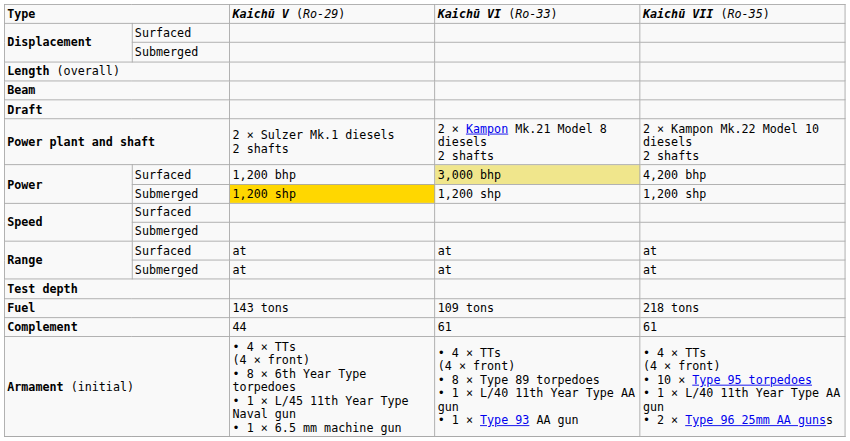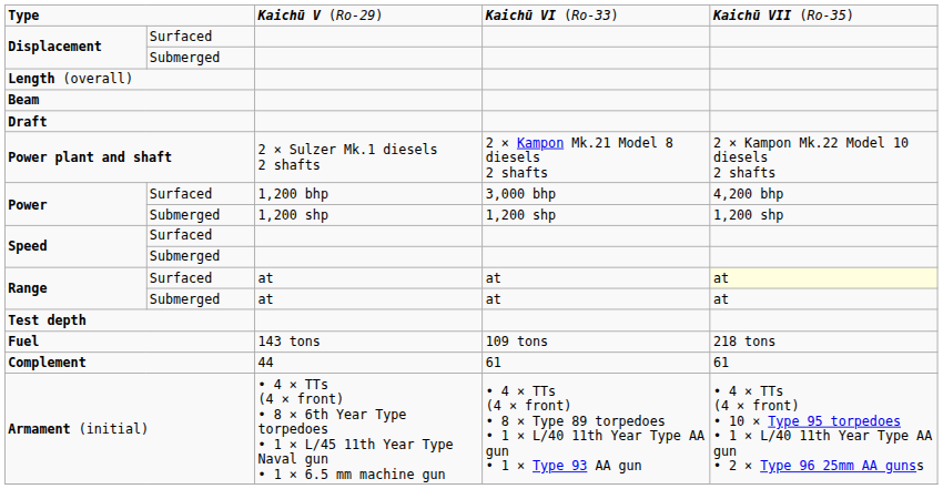 <table class="wikitable" width="74%">
 <tr>
 <td width="15%" colspan="2"><strong>Type</strong></td>
 <td width="16%"><strong><em>Kaichū V</em></strong> (<em>Ro-29</em>)</td>
 <td width="16%"><strong><em>Kaichū VI</em></strong> (<em>Ro-33</em>)</td>
 <td width="16%"><strong><em>Kaichū VII</em></strong> (<em>Ro-35</em>)</td>
 </tr>
 <tr>
 <td rowspan="2"><strong>Displacement</strong></td>
 <td>Surfaced</td>
 <td></td>
 <td></td>
 <td></td>
 </tr>
 <tr>
 <td>Submerged</td>
 <td></td>
 <td></td>
 <td></td>
 </tr>
 <tr>
 <td colspan="2"><strong>Length</strong> (overall)</td>
 <td></td>
 <td></td>
 <td></td>
 </tr>
 <tr>
 <td colspan="2"><strong>Beam</strong></td>
 <td></td>
 <td></td>
 <td></td>
 </tr>
 <tr>
 <td colspan="2"><strong>Draft</strong></td>
 <td></td>
 <td></td>
 <td></td>
 </tr>
 <tr>
 <td colspan="2"><strong>Power plant and shaft</strong></td>
 <td>2 × Sulzer Mk.1 diesels<br>2 shafts</td>
 <td>2 × <a href='#'>Kampon</a> Mk.21 Model 8 diesels<br>2 shafts</td>
 <td>2 × Kampon Mk.22 Model 10 diesels<br>2 shafts</td>
 </tr>
 <tr>
 <td rowspan="2"><strong>Power</strong></td>
 <td>Surfaced</td>
 <td>1,200 bhp</td>
-<td style="background: khaki;">3,000 bhp</td>
+<td>3,000 bhp</td>
 <td>4,200 bhp</td>
 </tr>
 <tr>
 <td>Submerged</td>
-<td style="background: gold;">1,200 shp</td>
+<td>1,200 shp</td>
 <td>1,200 shp</td>
 <td>1,200 shp</td>
 </tr>
 <tr>
 <td rowspan="2"><strong>Speed</strong></td>
 <td>Surfaced</td>
 <td></td>
 <td></td>
 <td></td>
 </tr>
 <tr>
 <td>Submerged</td>
 <td></td>
 <td></td>
 <td></td>
 </tr>
 <tr>
 <td rowspan="2"><strong>Range</strong></td>
 <td>Surfaced</td>
 <td> at </td>
 <td> at </td>
-<td> at </td>
+<td style="background: lightyellow;"> at </td>
 </tr>
 <tr>
 <td>Submerged</td>
 <td> at </td>
 <td> at </td>
 <td> at </td>
 </tr>
 <tr>
 <td colspan="2"><strong>Test depth</strong></td>
 <td></td>
 <td></td>
 <td></td>
 </tr>
 <tr>
 <td colspan="2"><strong>Fuel</strong></td>
 <td>143 tons</td>
 <td>109 tons</td>
 <td>218 tons</td>
 </tr>
 <tr>
 <td colspan="2"><strong>Complement</strong></td>
 <td>44</td>
 <td>61</td>
 <td>61</td>
 </tr>
 <tr>
 <td colspan="2"><strong>Armament</strong> (initial)</td>
 <td>• 4 ×  TTs<br>(4 × front)<br>• 8 × 6th Year Type torpedoes<br>• 1 × <a href='#'></a> L/45 11th Year Type Naval gun<br>• 1 × 6.5 mm machine gun</td>
 <td>• 4 ×  TTs<br>(4 × front)<br>• 8 × Type 89 torpedoes<br>• 1 × <a href='#'></a> L/40 11th Year Type AA gun<br>• 1 × <a href='#'> Type 93</a> AA gun</td>
 <td>• 4 ×  TTs<br>(4 × front)<br>• 10 × <a href='#'>Type 95 torpedoes</a><br>• 1 ×  L/40 11th Year Type AA gun<br>• 2 × <a href='#'>Type 96 25mm AA guns</a>s</td>
 </tr>
 <tr>
 </tr>
 </table>
